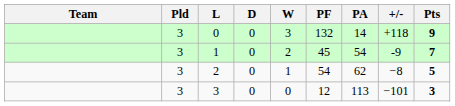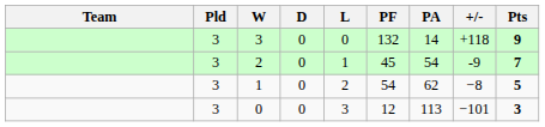 <table class="wikitable" style="text-align: center;">
 <tr>
 <th width="200">Team</th>
 <th width="40">Pld</th>
+<th width="40">W</th>
+<th width="40">D</th>
 <th width="40">L</th>
-<th width="40">D</th>
-<th width="40">W</th>
 <th width="40">PF</th>
 <th width="40">PA</th>
 <th width="40">+/-</th>
 <th width="40">Pts</th>
 </tr>
 <tr bgcolor=ccffcc>
 <td align=left></td>
 <td>3</td>
+<td>3</td>
 <td>0</td>
 <td>0</td>
-<td>3</td>
 <td>132</td>
 <td>14</td>
 <td>+118</td>
 <td><strong>9</strong></td>
 </tr>
 <tr bgcolor=ccffcc>
 <td align=left></td>
 <td>3</td>
+<td>2</td>
+<td>0</td>
 <td>1</td>
-<td>0</td>
-<td>2</td>
 <td>45</td>
 <td>54</td>
 <td>-9</td>
 <td><strong>7</strong></td>
 </tr>
 <tr>
 <td align=left></td>
 <td>3</td>
+<td>1</td>
+<td>0</td>
 <td>2</td>
-<td>0</td>
-<td>1</td>
 <td>54</td>
 <td>62</td>
 <td>−8</td>
 <td><strong>5</strong></td>
 </tr>
 <tr>
 <td align=left></td>
 <td>3</td>
-<td>3</td>
 <td>0</td>
 <td>0</td>
+<td>3</td>
 <td>12</td>
 <td>113</td>
 <td>−101</td>
 <td><strong>3</strong></td>
 </tr>
 </table>
